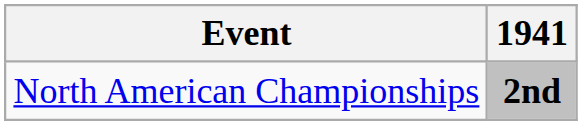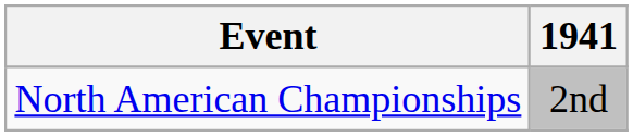 <table class="wikitable">
 <tr>
 <th>Event</th>
 <th>1941</th>
 </tr>
 <tr>
 <td><a href='#'>North American Championships</a></td>
-<td align="center" bgcolor="silver"><strong>2nd</strong></td>
+<td align="center" bgcolor="silver">2nd</td>
 </tr>
 </table>
